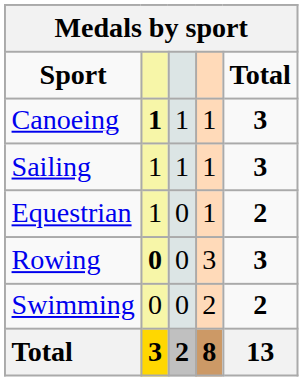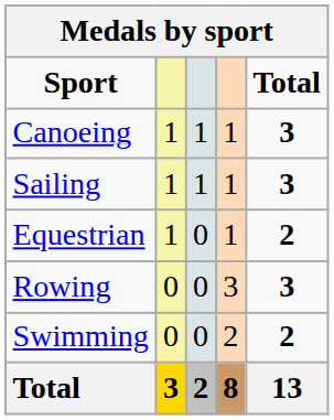 <table class="wikitable" style="text-align:center;font-size:90%">
 <tr style="background:#efefef;">
 <th colspan=7><strong>Medals by sport</strong></th>
 </tr>
 <tr>
 <td><strong>Sport</strong></td>
 <td bgcolor=#f7f6a8></td>
 <td bgcolor=#dce5e5></td>
 <td bgcolor=#ffdab9></td>
 <td><strong>Total</strong></td>
 </tr>
 <tr>
 <td style="text-align:left;"><a href='#'>Canoeing</a></td>
-<td style="background:#F7F6A8;"><strong>1</strong></td>
+<td style="background:#F7F6A8;">1</td>
 <td style="background:#DCE5E5;">1</td>
 <td style="background:#FFDAB9;">1</td>
 <td><strong>3</strong></td>
 </tr>
 <tr>
 <td style="text-align:left;"><a href='#'>Sailing</a></td>
 <td style="background:#F7F6A8;">1</td>
 <td style="background:#DCE5E5;">1</td>
 <td style="background:#FFDAB9;">1</td>
 <td><strong>3</strong></td>
 </tr>
 <tr>
 <td style="text-align:left;"><a href='#'>Equestrian</a></td>
 <td style="background:#F7F6A8;">1</td>
 <td style="background:#DCE5E5;">0</td>
 <td style="background:#FFDAB9;">1</td>
 <td><strong>2</strong></td>
 </tr>
 <tr>
 <td style="text-align:left;"><a href='#'>Rowing</a></td>
-<td style="background:#F7F6A8;"><strong>0</strong></td>
+<td style="background:#F7F6A8;">0</td>
 <td style="background:#DCE5E5;">0</td>
 <td style="background:#FFDAB9;">3</td>
 <td><strong>3</strong></td>
 </tr>
 <tr>
 <td style="text-align:left;"><a href='#'>Swimming</a></td>
 <td style="background:#F7F6A8;">0</td>
 <td style="background:#DCE5E5;">0</td>
 <td style="background:#FFDAB9;">2</td>
 <td><strong>2</strong></td>
 </tr>
 <tr>
 <th style="text-align:left;"><strong>Total</strong></th>
 <th style="background:gold;"><strong>3</strong></th>
 <th style="background:silver;"><strong>2</strong></th>
 <th style="background:#c96;"><strong>8</strong></th>
 <th><strong>13</strong></th>
 </tr>
 </table>
